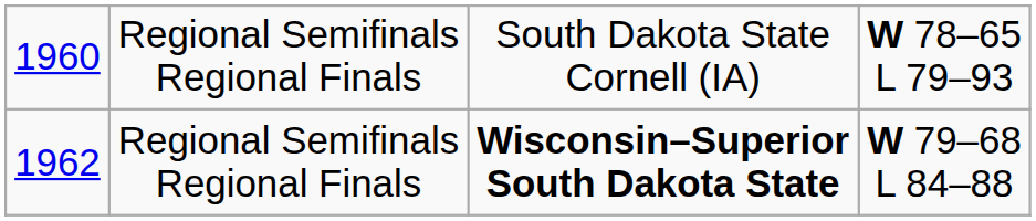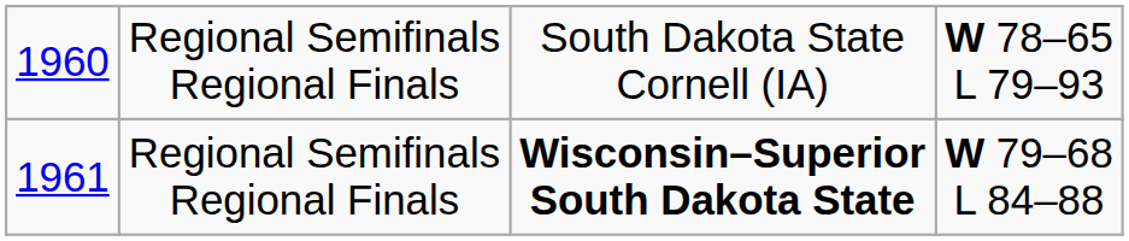 <table class="wikitable">
 <tr align="center">
 <td><a href='#'>1960</a></td>
 <td>Regional Semifinals<br>Regional Finals</td>
 <td>South Dakota State<br>Cornell (IA)</td>
 <td><strong>W</strong> 78–65<br>L 79–93</td>
 </tr>
 <tr align="center">
-<td><a href='#'>1962</a></td>
+<td><a href='#'>1961</a></td>
 <td>Regional Semifinals<br>Regional Finals</td>
 <td><strong>Wisconsin–Superior<br>South Dakota State</strong></td>
 <td><strong>W</strong> 79–68<br>L 84–88</td>
 </tr>
 </table>
